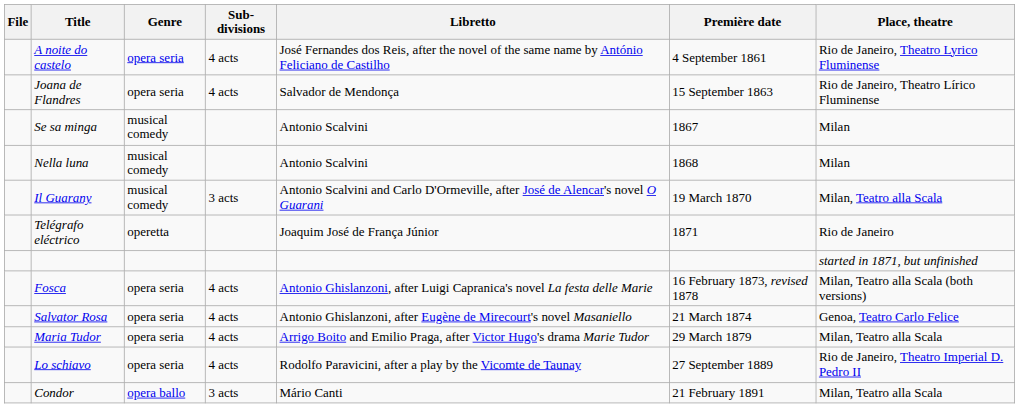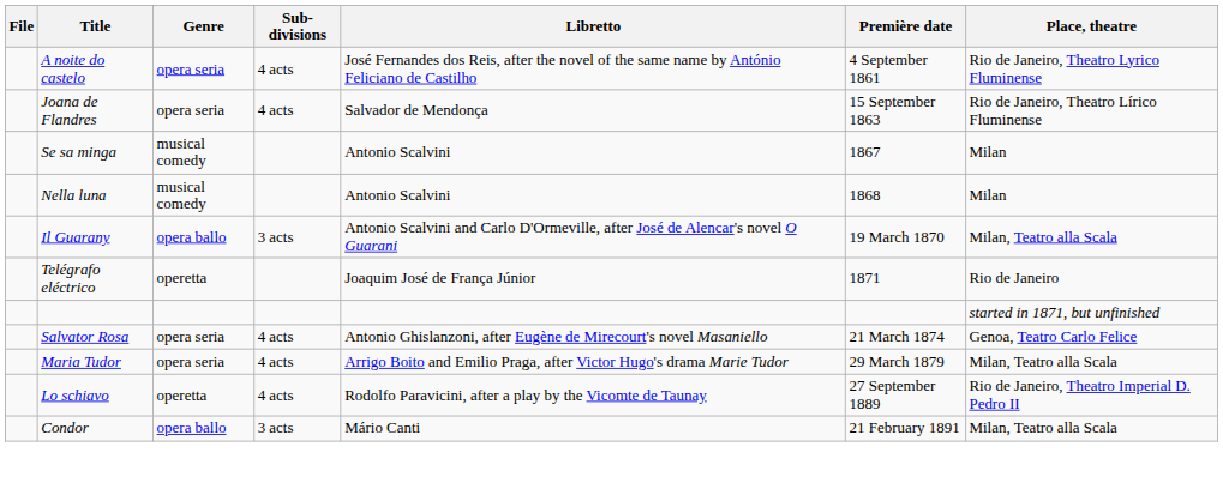 <table class="wikitable sortable">
 <tr>
 <th>File</th>
 <th>Title</th>
 <th>Genre</th>
 <th>Sub­divisions</th>
 <th>Libretto</th>
 <th>Première date</th>
 <th>Place, theatre</th>
 </tr>
 <tr>
 <td></td>
 <td><em><a href='#'>A noite do castelo</a></em></td>
 <td><a href='#'>opera seria</a></td>
 <td>4 acts</td>
 <td>José Fernandes dos Reis, after the novel of the same name by <a href='#'>António Feliciano de Castilho</a></td>
 <td>4 September 1861</td>
 <td>Rio de Janeiro, <a href='#'>Theatro Lyrico Fluminense</a></td>
 </tr>
 <tr>
 <td></td>
 <td><em>Joana de Flandres</em></td>
 <td>opera seria</td>
 <td>4 acts</td>
 <td>Salvador de Mendonça</td>
 <td>15 September 1863</td>
 <td>Rio de Janeiro, Theatro Lírico Fluminense</td>
 </tr>
 <tr>
 <td></td>
 <td><em>Se sa minga</em></td>
 <td>musical comedy</td>
 <td></td>
 <td>Antonio Scalvini</td>
 <td>1867</td>
 <td>Milan</td>
 </tr>
 <tr>
 <td></td>
 <td><em>Nella luna</em></td>
 <td>musical comedy</td>
 <td></td>
 <td>Antonio Scalvini</td>
 <td>1868</td>
 <td>Milan</td>
 </tr>
 <tr>
 <td></td>
 <td><em><a href='#'>Il Guarany</a></em></td>
-<td>musical comedy</td>
+<td><a href='#'>opera ballo</a></td>
 <td>3 acts</td>
 <td>Antonio Scalvini and Carlo D'Ormeville, after <a href='#'>José de Alencar</a>'s novel <em><a href='#'>O Guarani</a></em></td>
 <td>19 March 1870</td>
 <td>Milan, <a href='#'>Teatro alla Scala</a></td>
 </tr>
 <tr>
 <td></td>
 <td><em>Telégrafo eléctrico</em></td>
 <td>operetta</td>
 <td></td>
 <td>Joaquim José de França Júnior</td>
 <td>1871</td>
 <td>Rio de Janeiro</td>
 </tr>
 <tr>
 <td></td>
 <td><em></em> </td>
 <td></td>
 <td></td>
 <td></td>
 <td></td>
 <td><em>started in 1871, but unfinished</em></td>
 </tr>
 <tr>
 <td></td>
-<td><em><a href='#'>Fosca</a></em></td>
-<td>opera seria</td>
-<td>4 acts</td>
-<td><a href='#'>Antonio Ghislanzoni</a>, after Luigi Capranica's novel <em>La festa delle Marie</em></td>
-<td>16 February 1873, <em>revised</em> 1878</td>
-<td>Milan, Teatro alla Scala (both versions)</td>
-</tr>
-<tr>
-<td></td>
 <td><em><a href='#'>Salvator Rosa</a></em></td>
 <td>opera seria</td>
 <td>4 acts</td>
 <td>Antonio Ghislanzoni, after <a href='#'>Eugène de Mirecourt</a>'s novel <em>Masaniello</em></td>
 <td>21 March 1874</td>
 <td>Genoa, <a href='#'>Teatro Carlo Felice</a></td>
 </tr>
 <tr>
 <td></td>
 <td><em><a href='#'>Maria Tudor</a></em></td>
 <td>opera seria</td>
 <td>4 acts</td>
 <td><a href='#'>Arrigo Boito</a> and Emilio Praga, after <a href='#'>Victor Hugo</a>'s drama <em>Marie Tudor</em></td>
 <td>29 March 1879</td>
 <td>Milan, Teatro alla Scala</td>
 </tr>
 <tr>
 <td></td>
 <td><em><a href='#'>Lo schiavo</a></em></td>
-<td>opera seria</td>
+<td>operetta</td>
 <td>4 acts</td>
 <td>Rodolfo Paravicini, after a play by the <a href='#'>Vicomte de Taunay</a></td>
 <td>27 September 1889</td>
 <td>Rio de Janeiro, <a href='#'>Theatro Imperial D. Pedro II</a></td>
 </tr>
 <tr>
 <td></td>
 <td><em>Condor</em></td>
 <td><a href='#'>opera ballo</a></td>
 <td>3 acts</td>
 <td>Mário Canti</td>
 <td>21 February 1891</td>
 <td>Milan, Teatro alla Scala</td>
 </tr>
 </table>
